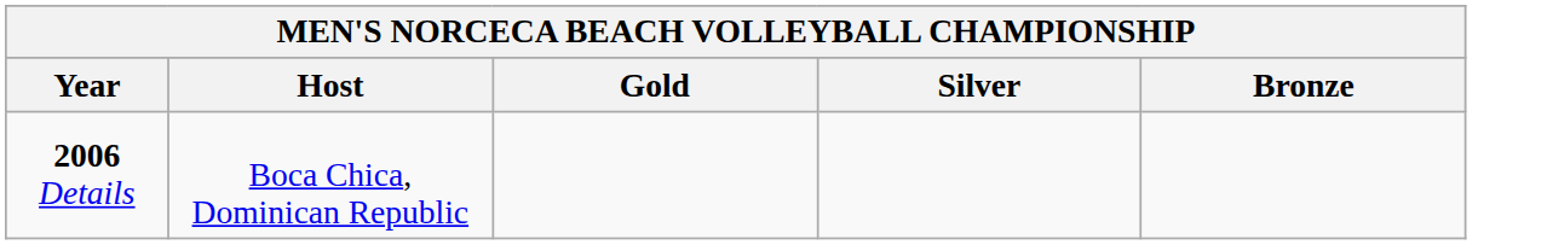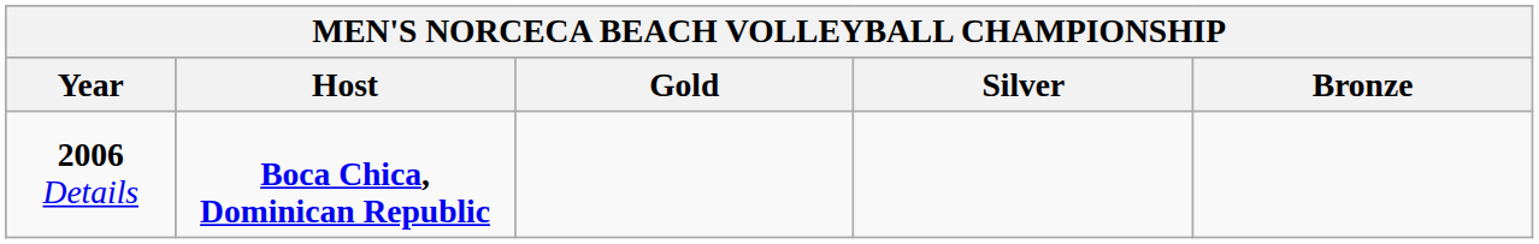 <table class="wikitable">
 <tr style= "background: #e2e2e2;">
 <th colspan=5 width=100%>MEN'S NORCECA BEACH VOLLEYBALL CHAMPIONSHIP</th>
 </tr>
 <tr style="background: #efefef;">
 <th width=10%>Year</th>
 <th width=20%>Host</th>
 <th width=20%>Gold</th>
 <th width=20%>Silver</th>
 <th width=20%>Bronze</th>
 </tr>
 <tr align=center>
 <td><strong>2006</strong><br><em><a href='#'>Details</a></em></td>
-<td><br><a href='#'>Boca Chica</a>,<br><a href='#'>Dominican Republic</a></td>
+<td><strong><br><a href='#'>Boca Chica</a>,<br><a href='#'>Dominican Republic</a></strong></td>
 <td><strong></strong></td>
 <td></td>
 <td></td>
 </tr>
 </table>
